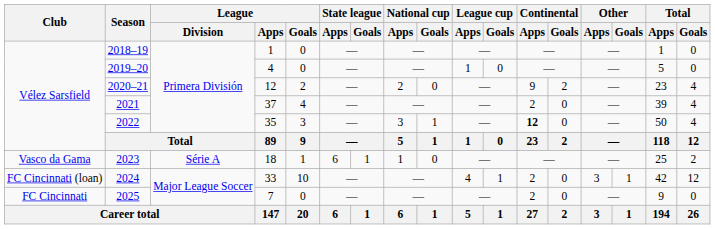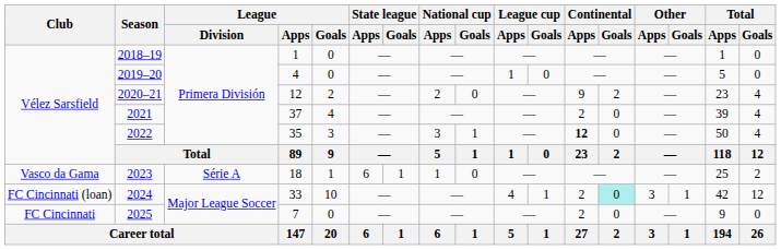 <table class="wikitable" style="text-align:center">
 <tr>
 <th rowspan="2">Club</th>
 <th rowspan="2">Season</th>
 <th colspan="3">League</th>
 <th colspan="2">State league</th>
 <th colspan="2">National cup</th>
 <th colspan="2">League cup</th>
 <th colspan="2">Continental</th>
 <th colspan="2">Other</th>
 <th colspan="2">Total</th>
 </tr>
 <tr>
 <th>Division</th>
 <th>Apps</th>
 <th>Goals</th>
 <th>Apps</th>
 <th>Goals</th>
 <th>Apps</th>
 <th>Goals</th>
 <th>Apps</th>
 <th>Goals</th>
 <th>Apps</th>
 <th>Goals</th>
 <th>Apps</th>
 <th>Goals</th>
 <th>Apps</th>
 <th>Goals</th>
 </tr>
 <tr>
 <td rowspan="6"><a href='#'>Vélez Sarsfield</a></td>
 <td><a href='#'>2018–19</a></td>
 <td rowspan="5"><a href='#'>Primera División</a></td>
 <td>1</td>
 <td>0</td>
 <td colspan="2">—</td>
 <td colspan="2">—</td>
 <td colspan="2">—</td>
 <td colspan="2">—</td>
 <td colspan="2">—</td>
 <td>1</td>
 <td>0</td>
 </tr>
 <tr>
 <td><a href='#'>2019–20</a></td>
 <td>4</td>
 <td>0</td>
 <td colspan="2">—</td>
 <td colspan="2">—</td>
 <td>1</td>
 <td>0</td>
 <td colspan="2">—</td>
 <td colspan="2">—</td>
 <td>5</td>
 <td>0</td>
 </tr>
 <tr>
 <td><a href='#'>2020–21</a></td>
 <td>12</td>
 <td>2</td>
 <td colspan="2">—</td>
 <td>2</td>
 <td>0</td>
 <td colspan="2">—</td>
 <td>9</td>
 <td>2</td>
 <td colspan="2">—</td>
 <td>23</td>
 <td>4</td>
 </tr>
 <tr>
 <td><a href='#'>2021</a></td>
 <td>37</td>
 <td>4</td>
 <td colspan="2">—</td>
 <td colspan="2">—</td>
 <td colspan="2">—</td>
 <td>2</td>
 <td>0</td>
 <td colspan="2">—</td>
 <td>39</td>
 <td>4</td>
 </tr>
 <tr>
 <td><a href='#'>2022</a></td>
 <td>35</td>
 <td>3</td>
 <td colspan="2">—</td>
 <td>3</td>
 <td>1</td>
 <td colspan="2">—</td>
 <td><strong>12</strong></td>
 <td>0</td>
 <td colspan="2">—</td>
 <td>50</td>
 <td>4</td>
 </tr>
 <tr>
 <th colspan="2">Total</th>
 <th>89</th>
 <th>9</th>
 <th colspan="2">—</th>
 <th>5</th>
 <th>1</th>
 <th>1</th>
 <th>0</th>
 <th>23</th>
 <th>2</th>
 <th colspan="2">—</th>
 <th>118</th>
 <th>12</th>
 </tr>
 <tr>
 <td rowspan="1"><a href='#'>Vasco da Gama</a></td>
 <td><a href='#'>2023</a></td>
 <td rowspan="1"><a href='#'>Série A</a></td>
 <td>18</td>
 <td>1</td>
 <td>6</td>
 <td>1</td>
 <td>1</td>
 <td>0</td>
 <td colspan="2">—</td>
 <td colspan="2">—</td>
 <td colspan="2">—</td>
 <td>25</td>
 <td>2</td>
 </tr>
 <tr>
 <td><a href='#'>FC Cincinnati</a> (loan)</td>
 <td><a href='#'>2024</a></td>
 <td rowspan="2"><a href='#'>Major League Soccer</a></td>
 <td>33</td>
 <td>10</td>
 <td colspan="2">—</td>
 <td colspan="2">—</td>
 <td>4</td>
 <td>1</td>
 <td>2</td>
-<td>0</td>
+<td style="background: paleturquoise;">0</td>
 <td>3</td>
 <td>1</td>
 <td>42</td>
 <td>12</td>
 </tr>
 <tr>
 <td><a href='#'>FC Cincinnati</a></td>
 <td><a href='#'>2025</a></td>
 <td>7</td>
 <td>0</td>
 <td colspan="2">—</td>
 <td colspan="2">—</td>
 <td colspan="2">—</td>
 <td>2</td>
 <td>0</td>
 <td colspan="2">—</td>
 <td>9</td>
 <td>0</td>
 </tr>
 <tr>
 <th colspan="3">Career total</th>
 <th>147</th>
 <th>20</th>
 <th>6</th>
 <th>1</th>
 <th>6</th>
 <th>1</th>
 <th>5</th>
 <th>1</th>
 <th>27</th>
 <th>2</th>
 <th>3</th>
 <th>1</th>
 <th>194</th>
 <th>26</th>
 </tr>
 </table>
